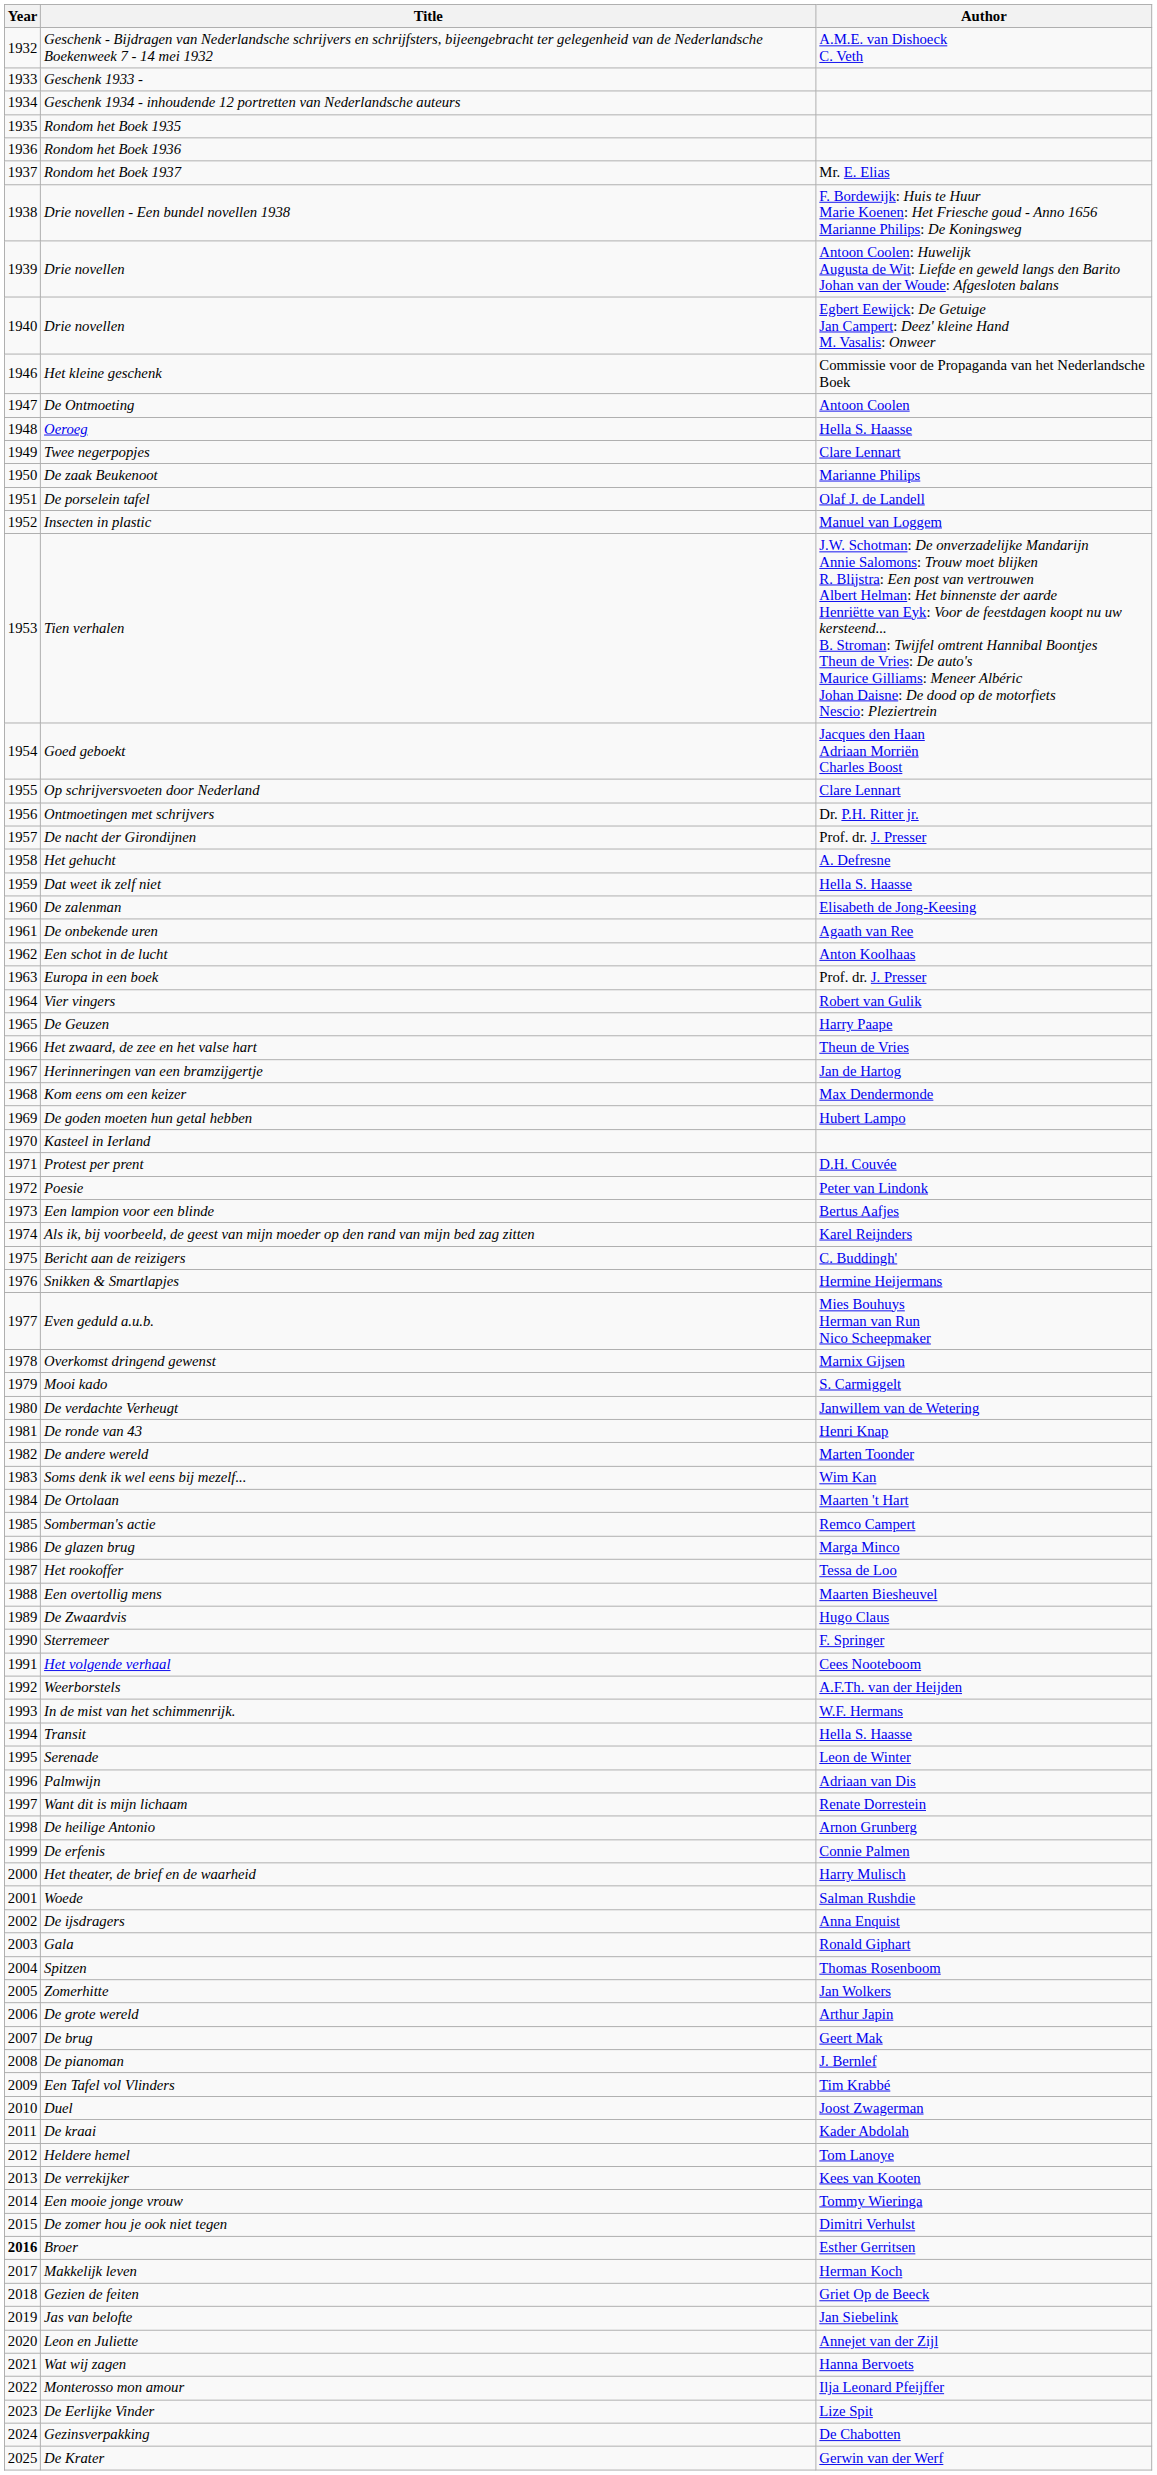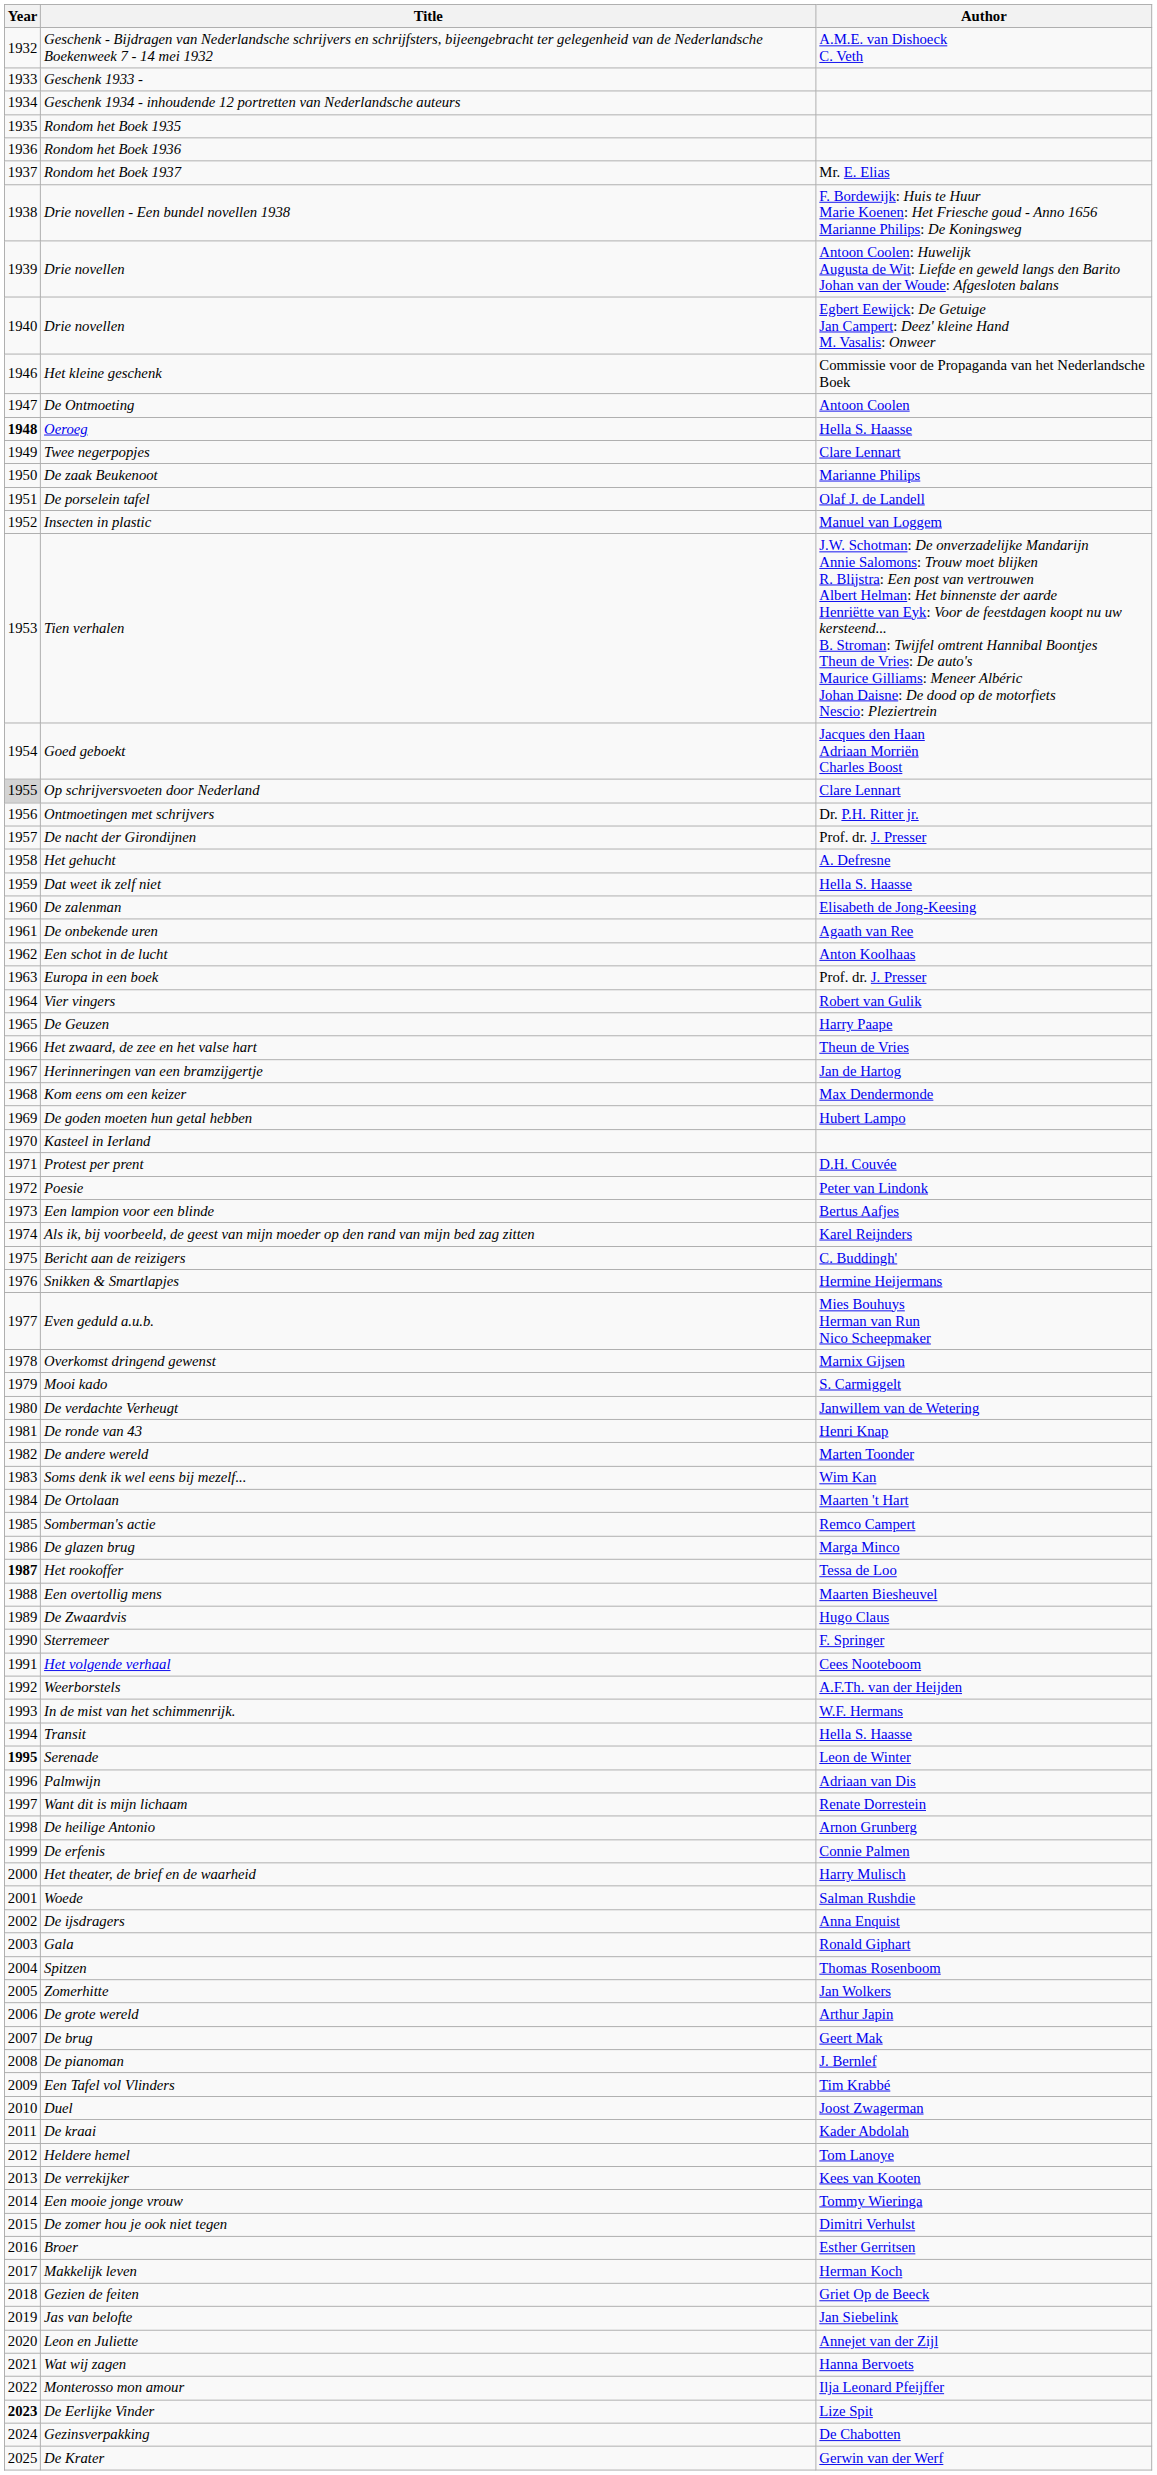 <table class="wikitable">
 <tr>
 <th>Year</th>
 <th>Title</th>
 <th>Author</th>
 </tr>
 <tr>
 <td>1932</td>
 <td><em>Geschenk - Bijdragen van Nederlandsche schrijvers en schrijfsters, bijeengebracht ter gelegenheid van de Nederlandsche Boekenweek 7 - 14 mei 1932</em></td>
 <td><a href='#'>A.M.E. van Dishoeck</a><br><a href='#'>C. Veth</a><br></td>
 </tr>
 <tr>
 <td>1933</td>
 <td><em>Geschenk 1933 - </em></td>
 <td></td>
 </tr>
 <tr>
 <td>1934</td>
 <td><em>Geschenk 1934 - inhoudende 12 portretten van Nederlandsche auteurs</em></td>
 <td></td>
 </tr>
 <tr>
 <td>1935</td>
 <td><em>Rondom het Boek 1935</em></td>
 <td></td>
 </tr>
 <tr>
 <td>1936</td>
 <td><em>Rondom het Boek 1936</em></td>
 <td></td>
 </tr>
 <tr>
 <td>1937</td>
 <td><em>Rondom het Boek 1937</em></td>
 <td>Mr. <a href='#'>E. Elias</a></td>
 </tr>
 <tr>
 <td>1938</td>
 <td><em>Drie novellen - Een bundel novellen 1938</em></td>
 <td><a href='#'>F. Bordewijk</a>: <em>Huis te Huur</em><br><a href='#'>Marie Koenen</a>: <em>Het Friesche goud - Anno 1656</em><br><a href='#'>Marianne Philips</a>: <em>De Koningsweg</em></td>
 </tr>
 <tr>
 <td>1939</td>
 <td><em>Drie novellen</em></td>
 <td><a href='#'>Antoon Coolen</a>: <em>Huwelijk</em><br><a href='#'>Augusta de Wit</a>: <em>Liefde en geweld langs den Barito</em><br><a href='#'>Johan van der Woude</a>: <em>Afgesloten balans</em></td>
 </tr>
 <tr>
 <td>1940</td>
 <td><em>Drie novellen</em></td>
 <td><a href='#'>Egbert Eewijck</a>: <em>De Getuige</em><br><a href='#'>Jan Campert</a>: <em>Deez' kleine Hand</em><br><a href='#'>M. Vasalis</a>: <em>Onweer</em></td>
 </tr>
 <tr>
 <td>1946</td>
 <td><em>Het kleine geschenk</em></td>
 <td>Commissie voor de Propaganda van het Nederlandsche Boek</td>
 </tr>
 <tr>
 <td>1947</td>
 <td><em>De Ontmoeting</em></td>
 <td><a href='#'>Antoon Coolen</a></td>
 </tr>
 <tr>
-<td>1948</td>
+<td><strong>1948</strong></td>
 <td><em><a href='#'>Oeroeg</a></em></td>
 <td><a href='#'>Hella S. Haasse</a></td>
 </tr>
 <tr>
 <td>1949</td>
 <td><em>Twee negerpopjes</em></td>
 <td><a href='#'>Clare Lennart</a></td>
 </tr>
 <tr>
 <td>1950</td>
 <td><em>De zaak Beukenoot</em></td>
 <td><a href='#'>Marianne Philips</a></td>
 </tr>
 <tr>
 <td>1951</td>
 <td><em>De porselein tafel</em></td>
 <td><a href='#'>Olaf J. de Landell</a></td>
 </tr>
 <tr>
 <td>1952</td>
 <td><em>Insecten in plastic</em></td>
 <td><a href='#'>Manuel van Loggem</a></td>
 </tr>
 <tr>
 <td>1953</td>
 <td><em>Tien verhalen</em></td>
 <td><a href='#'>J.W. Schotman</a>: <em>De onverzadelijke Mandarijn</em><br><a href='#'>Annie Salomons</a>: <em>Trouw moet blijken</em><br><a href='#'>R. Blijstra</a>: <em>Een post van vertrouwen</em><br><a href='#'>Albert Helman</a>: <em>Het binnenste der aarde</em><br><a href='#'>Henriëtte van Eyk</a>: <em>Voor de feestdagen koopt nu uw kersteend...</em><br><a href='#'>B. Stroman</a>: <em>Twijfel omtrent Hannibal Boontjes</em><br><a href='#'>Theun de Vries</a>: <em>De auto's</em><br><a href='#'>Maurice Gilliams</a>: <em>Meneer Albéric</em><br><a href='#'>Johan Daisne</a>: <em>De dood op de motorfiets</em><br><a href='#'>Nescio</a>: <em>Pleziertrein</em></td>
 </tr>
 <tr>
 <td>1954</td>
 <td><em>Goed geboekt</em></td>
 <td><a href='#'>Jacques den Haan</a><br><a href='#'>Adriaan Morriën</a><br><a href='#'>Charles Boost</a></td>
 </tr>
 <tr>
-<td>1955</td>
+<td style="background: lightgrey;">1955</td>
 <td><em>Op schrijversvoeten door Nederland</em></td>
 <td><a href='#'>Clare Lennart</a></td>
 </tr>
 <tr>
 <td>1956</td>
 <td><em>Ontmoetingen met schrijvers</em></td>
 <td>Dr. <a href='#'>P.H. Ritter jr.</a></td>
 </tr>
 <tr>
 <td>1957</td>
 <td><em>De nacht der Girondijnen</em></td>
 <td>Prof. dr. <a href='#'>J. Presser</a></td>
 </tr>
 <tr>
 <td>1958</td>
 <td><em>Het gehucht</em></td>
 <td><a href='#'>A. Defresne</a></td>
 </tr>
 <tr>
 <td>1959</td>
 <td><em>Dat weet ik zelf niet</em></td>
 <td><a href='#'>Hella S. Haasse</a></td>
 </tr>
 <tr>
 <td>1960</td>
 <td><em>De zalenman</em></td>
 <td><a href='#'>Elisabeth de Jong-Keesing</a></td>
 </tr>
 <tr>
 <td>1961</td>
 <td><em>De onbekende uren</em></td>
 <td><a href='#'>Agaath van Ree</a></td>
 </tr>
 <tr>
 <td>1962</td>
 <td><em>Een schot in de lucht</em></td>
 <td><a href='#'>Anton Koolhaas</a></td>
 </tr>
 <tr>
 <td>1963</td>
 <td><em>Europa in een boek</em></td>
 <td>Prof. dr. <a href='#'>J. Presser</a></td>
 </tr>
 <tr>
 <td>1964</td>
 <td><em>Vier vingers</em></td>
 <td><a href='#'>Robert van Gulik</a></td>
 </tr>
 <tr>
 <td>1965</td>
 <td><em>De Geuzen</em></td>
 <td><a href='#'>Harry Paape</a></td>
 </tr>
 <tr>
 <td>1966</td>
 <td><em>Het zwaard, de zee en het valse hart</em></td>
 <td><a href='#'>Theun de Vries</a></td>
 </tr>
 <tr>
 <td>1967</td>
 <td><em>Herinneringen van een bramzijgertje</em></td>
 <td><a href='#'>Jan de Hartog</a></td>
 </tr>
 <tr>
 <td>1968</td>
 <td><em>Kom eens om een keizer</em></td>
 <td><a href='#'>Max Dendermonde</a></td>
 </tr>
 <tr>
 <td>1969</td>
 <td><em>De goden moeten hun getal hebben</em></td>
 <td><a href='#'>Hubert Lampo</a></td>
 </tr>
 <tr>
 <td>1970</td>
 <td><em>Kasteel in Ierland</em></td>
 <td></td>
 </tr>
 <tr>
 <td>1971</td>
 <td><em>Protest per prent</em></td>
 <td><a href='#'>D.H. Couvée</a></td>
 </tr>
 <tr>
 <td>1972</td>
 <td><em>Poesie</em></td>
 <td><a href='#'>Peter van Lindonk</a></td>
 </tr>
 <tr>
 <td>1973</td>
 <td><em>Een lampion voor een blinde</em></td>
 <td><a href='#'>Bertus Aafjes</a></td>
 </tr>
 <tr>
 <td>1974</td>
 <td><em>Als ik, bij voorbeeld, de geest van mijn moeder op den rand van mijn bed zag zitten</em></td>
 <td><a href='#'>Karel Reijnders</a></td>
 </tr>
 <tr>
 <td>1975</td>
 <td><em>Bericht aan de reizigers</em></td>
 <td><a href='#'>C. Buddingh'</a></td>
 </tr>
 <tr>
 <td>1976</td>
 <td><em>Snikken & Smartlapjes</em></td>
 <td><a href='#'>Hermine Heijermans</a></td>
 </tr>
 <tr>
 <td>1977</td>
 <td><em>Even geduld a.u.b.</em></td>
 <td><a href='#'>Mies Bouhuys</a><br><a href='#'>Herman van Run</a><br><a href='#'>Nico Scheepmaker</a></td>
 </tr>
 <tr>
 <td>1978</td>
 <td><em>Overkomst dringend gewenst</em></td>
 <td><a href='#'>Marnix Gijsen</a></td>
 </tr>
 <tr>
 <td>1979</td>
 <td><em>Mooi kado</em></td>
 <td><a href='#'>S. Carmiggelt</a></td>
 </tr>
 <tr>
 <td>1980</td>
 <td><em>De verdachte Verheugt</em></td>
 <td><a href='#'>Janwillem van de Wetering</a></td>
 </tr>
 <tr>
 <td>1981</td>
 <td><em>De ronde van 43</em></td>
 <td><a href='#'>Henri Knap</a></td>
 </tr>
 <tr>
 <td>1982</td>
 <td><em>De andere wereld</em></td>
 <td><a href='#'>Marten Toonder</a></td>
 </tr>
 <tr>
 <td>1983</td>
 <td><em>Soms denk ik wel eens bij mezelf...</em></td>
 <td><a href='#'>Wim Kan</a></td>
 </tr>
 <tr>
 <td>1984</td>
 <td><em>De Ortolaan</em></td>
 <td><a href='#'>Maarten 't Hart</a></td>
 </tr>
 <tr>
 <td>1985</td>
 <td><em>Somberman's actie</em></td>
 <td><a href='#'>Remco Campert</a></td>
 </tr>
 <tr>
 <td>1986</td>
 <td><em>De glazen brug</em></td>
 <td><a href='#'>Marga Minco</a></td>
 </tr>
 <tr>
-<td>1987</td>
+<td><strong>1987</strong></td>
 <td><em>Het rookoffer</em></td>
 <td><a href='#'>Tessa de Loo</a></td>
 </tr>
 <tr>
 <td>1988</td>
 <td><em>Een overtollig mens</em></td>
 <td><a href='#'>Maarten Biesheuvel</a></td>
 </tr>
 <tr>
 <td>1989</td>
 <td><em>De Zwaardvis</em></td>
 <td><a href='#'>Hugo Claus</a></td>
 </tr>
 <tr>
 <td>1990</td>
 <td><em>Sterremeer</em></td>
 <td><a href='#'>F. Springer</a></td>
 </tr>
 <tr>
 <td>1991</td>
 <td><em><a href='#'>Het volgende verhaal</a></em></td>
 <td><a href='#'>Cees Nooteboom</a></td>
 </tr>
 <tr>
 <td>1992</td>
 <td><em>Weerborstels</em></td>
 <td><a href='#'>A.F.Th. van der Heijden</a></td>
 </tr>
 <tr>
 <td>1993</td>
 <td><em>In de mist van het schimmenrijk.</em></td>
 <td><a href='#'>W.F. Hermans</a></td>
 </tr>
 <tr>
 <td>1994</td>
 <td><em>Transit</em></td>
 <td><a href='#'>Hella S. Haasse</a></td>
 </tr>
 <tr>
-<td>1995</td>
+<td><strong>1995</strong></td>
 <td><em>Serenade</em></td>
 <td><a href='#'>Leon de Winter</a></td>
 </tr>
 <tr>
 <td>1996</td>
 <td><em>Palmwijn</em></td>
 <td><a href='#'>Adriaan van Dis</a></td>
 </tr>
 <tr>
 <td>1997</td>
 <td><em>Want dit is mijn lichaam</em></td>
 <td><a href='#'>Renate Dorrestein</a></td>
 </tr>
 <tr>
 <td>1998</td>
 <td><em>De heilige Antonio</em></td>
 <td><a href='#'>Arnon Grunberg</a></td>
 </tr>
 <tr>
 <td>1999</td>
 <td><em>De erfenis</em></td>
 <td><a href='#'>Connie Palmen</a></td>
 </tr>
 <tr>
 <td>2000</td>
 <td><em>Het theater, de brief en de waarheid</em></td>
 <td><a href='#'>Harry Mulisch</a></td>
 </tr>
 <tr>
 <td>2001</td>
 <td><em>Woede</em></td>
 <td><a href='#'>Salman Rushdie</a></td>
 </tr>
 <tr>
 <td>2002</td>
 <td><em>De ijsdragers</em></td>
 <td><a href='#'>Anna Enquist</a></td>
 </tr>
 <tr>
 <td>2003</td>
 <td><em>Gala</em></td>
 <td><a href='#'>Ronald Giphart</a></td>
 </tr>
 <tr>
 <td>2004</td>
 <td><em>Spitzen</em></td>
 <td><a href='#'>Thomas Rosenboom</a></td>
 </tr>
 <tr>
 <td>2005</td>
 <td><em>Zomerhitte</em></td>
 <td><a href='#'>Jan Wolkers</a></td>
 </tr>
 <tr>
 <td>2006</td>
 <td><em>De grote wereld</em></td>
 <td><a href='#'>Arthur Japin</a></td>
 </tr>
 <tr>
 <td>2007</td>
 <td><em>De brug</em></td>
 <td><a href='#'>Geert Mak</a></td>
 </tr>
 <tr>
 <td>2008</td>
 <td><em>De pianoman</em></td>
 <td><a href='#'>J. Bernlef</a></td>
 </tr>
 <tr>
 <td>2009</td>
 <td><em>Een Tafel vol Vlinders</em></td>
 <td><a href='#'>Tim Krabbé</a></td>
 </tr>
 <tr>
 <td>2010</td>
 <td><em>Duel</em></td>
 <td><a href='#'>Joost Zwagerman</a></td>
 </tr>
 <tr>
 <td>2011</td>
 <td><em>De kraai</em></td>
 <td><a href='#'>Kader Abdolah</a></td>
 </tr>
 <tr>
 <td>2012</td>
 <td><em>Heldere hemel</em></td>
 <td><a href='#'>Tom Lanoye</a></td>
 </tr>
 <tr>
 <td>2013</td>
 <td><em>De verrekijker</em></td>
 <td><a href='#'>Kees van Kooten</a></td>
 </tr>
 <tr>
 <td>2014</td>
 <td><em>Een mooie jonge vrouw</em></td>
 <td><a href='#'>Tommy Wieringa</a></td>
 </tr>
 <tr>
 <td>2015</td>
 <td><em>De zomer hou je ook niet tegen</em></td>
 <td><a href='#'>Dimitri Verhulst</a></td>
 </tr>
 <tr>
-<td><strong>2016</strong></td>
+<td>2016</td>
 <td><em>Broer</em></td>
 <td><a href='#'>Esther Gerritsen</a></td>
 </tr>
 <tr>
 <td>2017</td>
 <td><em>Makkelijk leven</em></td>
 <td><a href='#'>Herman Koch</a></td>
 </tr>
 <tr>
 <td>2018</td>
 <td><em>Gezien de feiten</em></td>
 <td><a href='#'>Griet Op de Beeck</a></td>
 </tr>
 <tr>
 <td>2019</td>
 <td><em>Jas van belofte</em></td>
 <td><a href='#'>Jan Siebelink</a></td>
 </tr>
 <tr>
 <td>2020</td>
 <td><em>Leon en Juliette</em></td>
 <td><a href='#'>Annejet van der Zijl</a></td>
 </tr>
 <tr>
 <td>2021</td>
 <td><em>Wat wij zagen</em></td>
 <td><a href='#'>Hanna Bervoets</a></td>
 </tr>
 <tr>
 <td>2022</td>
 <td><em>Monterosso mon amour</em></td>
 <td><a href='#'>Ilja Leonard Pfeijffer</a></td>
 </tr>
 <tr>
-<td>2023</td>
+<td><strong>2023</strong></td>
 <td><em>De Eerlijke Vinder</em></td>
 <td><a href='#'>Lize Spit</a></td>
 </tr>
 <tr>
 <td>2024</td>
 <td><em>Gezinsverpakking</em></td>
 <td><a href='#'>De Chabotten</a></td>
 </tr>
 <tr>
 <td>2025</td>
 <td><em>De Krater</em></td>
 <td><a href='#'>Gerwin van der Werf</a></td>
 </tr>
 </table>
